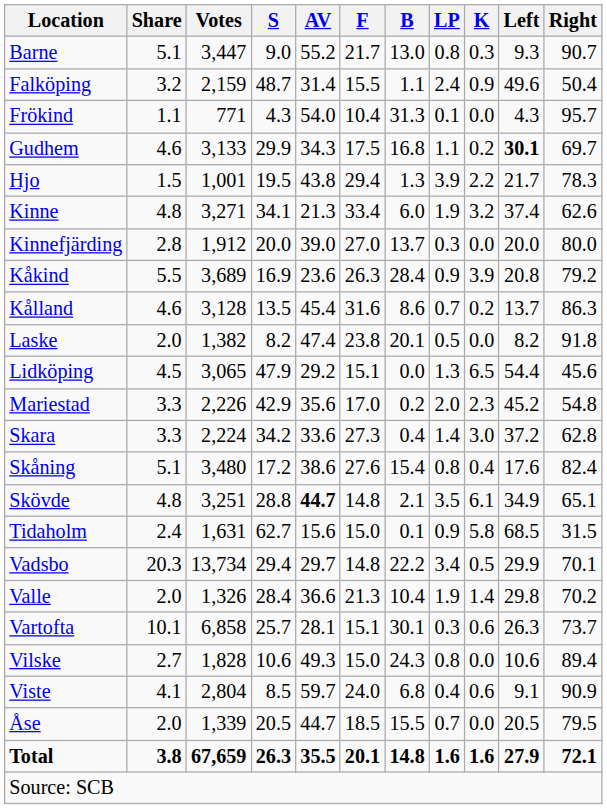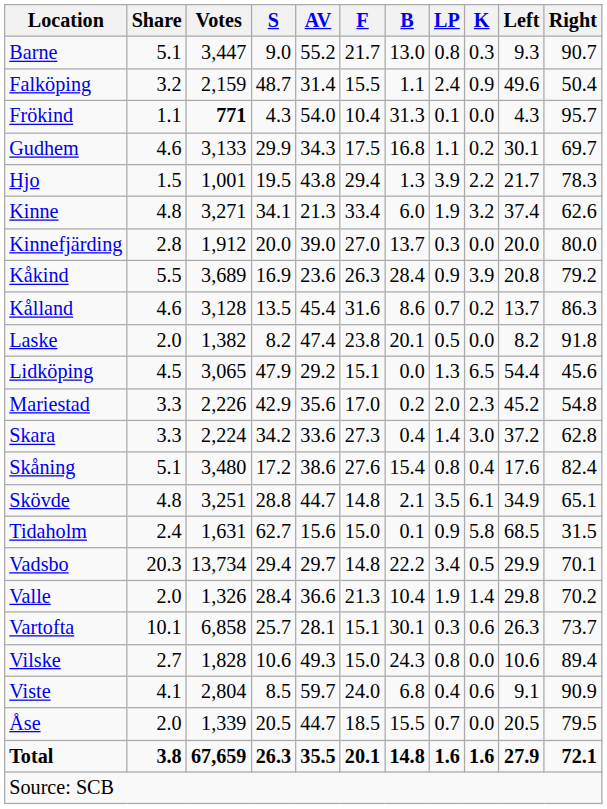 <table class="wikitable sortable" style=text-align:right>
 <tr>
 <th>Location</th>
 <th>Share</th>
 <th>Votes</th>
 <th><a href='#'>S</a></th>
 <th><a href='#'>AV</a></th>
 <th><a href='#'>F</a></th>
 <th><a href='#'>B</a></th>
 <th><a href='#'>LP</a></th>
 <th><a href='#'>K</a></th>
 <th>Left</th>
 <th>Right</th>
 </tr>
 <tr>
 <td align=left><a href='#'>Barne</a></td>
 <td>5.1</td>
 <td>3,447</td>
 <td>9.0</td>
 <td>55.2</td>
 <td>21.7</td>
 <td>13.0</td>
 <td>0.8</td>
 <td>0.3</td>
 <td>9.3</td>
 <td>90.7</td>
 </tr>
 <tr>
 <td align=left><a href='#'>Falköping</a></td>
 <td>3.2</td>
 <td>2,159</td>
 <td>48.7</td>
 <td>31.4</td>
 <td>15.5</td>
 <td>1.1</td>
 <td>2.4</td>
 <td>0.9</td>
 <td>49.6</td>
 <td>50.4</td>
 </tr>
 <tr>
 <td align=left><a href='#'>Frökind</a></td>
 <td>1.1</td>
-<td>771</td>
+<td><strong>771</strong></td>
 <td>4.3</td>
 <td>54.0</td>
 <td>10.4</td>
 <td>31.3</td>
 <td>0.1</td>
 <td>0.0</td>
 <td>4.3</td>
 <td>95.7</td>
 </tr>
 <tr>
 <td align=left><a href='#'>Gudhem</a></td>
 <td>4.6</td>
 <td>3,133</td>
 <td>29.9</td>
 <td>34.3</td>
 <td>17.5</td>
 <td>16.8</td>
 <td>1.1</td>
 <td>0.2</td>
-<td><strong>30.1</strong></td>
+<td>30.1</td>
 <td>69.7</td>
 </tr>
 <tr>
 <td align=left><a href='#'>Hjo</a></td>
 <td>1.5</td>
 <td>1,001</td>
 <td>19.5</td>
 <td>43.8</td>
 <td>29.4</td>
 <td>1.3</td>
 <td>3.9</td>
 <td>2.2</td>
 <td>21.7</td>
 <td>78.3</td>
 </tr>
 <tr>
 <td align=left><a href='#'>Kinne</a></td>
 <td>4.8</td>
 <td>3,271</td>
 <td>34.1</td>
 <td>21.3</td>
 <td>33.4</td>
 <td>6.0</td>
 <td>1.9</td>
 <td>3.2</td>
 <td>37.4</td>
 <td>62.6</td>
 </tr>
 <tr>
 <td align=left><a href='#'>Kinnefjärding</a></td>
 <td>2.8</td>
 <td>1,912</td>
 <td>20.0</td>
 <td>39.0</td>
 <td>27.0</td>
 <td>13.7</td>
 <td>0.3</td>
 <td>0.0</td>
 <td>20.0</td>
 <td>80.0</td>
 </tr>
 <tr>
 <td align=left><a href='#'>Kåkind</a></td>
 <td>5.5</td>
 <td>3,689</td>
 <td>16.9</td>
 <td>23.6</td>
 <td>26.3</td>
 <td>28.4</td>
 <td>0.9</td>
 <td>3.9</td>
 <td>20.8</td>
 <td>79.2</td>
 </tr>
 <tr>
 <td align=left><a href='#'>Kålland</a></td>
 <td>4.6</td>
 <td>3,128</td>
 <td>13.5</td>
 <td>45.4</td>
 <td>31.6</td>
 <td>8.6</td>
 <td>0.7</td>
 <td>0.2</td>
 <td>13.7</td>
 <td>86.3</td>
 </tr>
 <tr>
 <td align=left><a href='#'>Laske</a></td>
 <td>2.0</td>
 <td>1,382</td>
 <td>8.2</td>
 <td>47.4</td>
 <td>23.8</td>
 <td>20.1</td>
 <td>0.5</td>
 <td>0.0</td>
 <td>8.2</td>
 <td>91.8</td>
 </tr>
 <tr>
 <td align=left><a href='#'>Lidköping</a></td>
 <td>4.5</td>
 <td>3,065</td>
 <td>47.9</td>
 <td>29.2</td>
 <td>15.1</td>
 <td>0.0</td>
 <td>1.3</td>
 <td>6.5</td>
 <td>54.4</td>
 <td>45.6</td>
 </tr>
 <tr>
 <td align=left><a href='#'>Mariestad</a></td>
 <td>3.3</td>
 <td>2,226</td>
 <td>42.9</td>
 <td>35.6</td>
 <td>17.0</td>
 <td>0.2</td>
 <td>2.0</td>
 <td>2.3</td>
 <td>45.2</td>
 <td>54.8</td>
 </tr>
 <tr>
 <td align=left><a href='#'>Skara</a></td>
 <td>3.3</td>
 <td>2,224</td>
 <td>34.2</td>
 <td>33.6</td>
 <td>27.3</td>
 <td>0.4</td>
 <td>1.4</td>
 <td>3.0</td>
 <td>37.2</td>
 <td>62.8</td>
 </tr>
 <tr>
 <td align=left><a href='#'>Skåning</a></td>
 <td>5.1</td>
 <td>3,480</td>
 <td>17.2</td>
 <td>38.6</td>
 <td>27.6</td>
 <td>15.4</td>
 <td>0.8</td>
 <td>0.4</td>
 <td>17.6</td>
 <td>82.4</td>
 </tr>
 <tr>
 <td align=left><a href='#'>Skövde</a></td>
 <td>4.8</td>
 <td>3,251</td>
 <td>28.8</td>
-<td><strong>44.7</strong></td>
+<td>44.7</td>
 <td>14.8</td>
 <td>2.1</td>
 <td>3.5</td>
 <td>6.1</td>
 <td>34.9</td>
 <td>65.1</td>
 </tr>
 <tr>
 <td align=left><a href='#'>Tidaholm</a></td>
 <td>2.4</td>
 <td>1,631</td>
 <td>62.7</td>
 <td>15.6</td>
 <td>15.0</td>
 <td>0.1</td>
 <td>0.9</td>
 <td>5.8</td>
 <td>68.5</td>
 <td>31.5</td>
 </tr>
 <tr>
 <td align=left><a href='#'>Vadsbo</a></td>
 <td>20.3</td>
 <td>13,734</td>
 <td>29.4</td>
 <td>29.7</td>
 <td>14.8</td>
 <td>22.2</td>
 <td>3.4</td>
 <td>0.5</td>
 <td>29.9</td>
 <td>70.1</td>
 </tr>
 <tr>
 <td align=left><a href='#'>Valle</a></td>
 <td>2.0</td>
 <td>1,326</td>
 <td>28.4</td>
 <td>36.6</td>
 <td>21.3</td>
 <td>10.4</td>
 <td>1.9</td>
 <td>1.4</td>
 <td>29.8</td>
 <td>70.2</td>
 </tr>
 <tr>
 <td align=left><a href='#'>Vartofta</a></td>
 <td>10.1</td>
 <td>6,858</td>
 <td>25.7</td>
 <td>28.1</td>
 <td>15.1</td>
 <td>30.1</td>
 <td>0.3</td>
 <td>0.6</td>
 <td>26.3</td>
 <td>73.7</td>
 </tr>
 <tr>
 <td align=left><a href='#'>Vilske</a></td>
 <td>2.7</td>
 <td>1,828</td>
 <td>10.6</td>
 <td>49.3</td>
 <td>15.0</td>
 <td>24.3</td>
 <td>0.8</td>
 <td>0.0</td>
 <td>10.6</td>
 <td>89.4</td>
 </tr>
 <tr>
 <td align=left><a href='#'>Viste</a></td>
 <td>4.1</td>
 <td>2,804</td>
 <td>8.5</td>
 <td>59.7</td>
 <td>24.0</td>
 <td>6.8</td>
 <td>0.4</td>
 <td>0.6</td>
 <td>9.1</td>
 <td>90.9</td>
 </tr>
 <tr>
 <td align=left><a href='#'>Åse</a></td>
 <td>2.0</td>
 <td>1,339</td>
 <td>20.5</td>
 <td>44.7</td>
 <td>18.5</td>
 <td>15.5</td>
 <td>0.7</td>
 <td>0.0</td>
 <td>20.5</td>
 <td>79.5</td>
 </tr>
 <tr>
 <td align=left><strong>Total</strong></td>
 <td><strong>3.8</strong></td>
 <td><strong>67,659</strong></td>
 <td><strong>26.3</strong></td>
 <td><strong>35.5</strong></td>
 <td><strong>20.1</strong></td>
 <td><strong>14.8</strong></td>
 <td><strong>1.6</strong></td>
 <td><strong>1.6</strong></td>
 <td><strong>27.9</strong></td>
 <td><strong>72.1</strong></td>
 </tr>
 <tr>
 <td align=left colspan=12>Source: SCB </td>
 </tr>
 </table>
